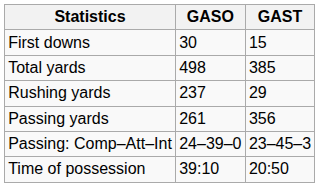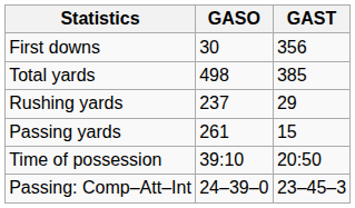 <table class="wikitable" style="float: left;">
 <tr>
 <th>Statistics</th>
 <th>GASO</th>
 <th>GAST</th>
 </tr>
 <tr>
 <td>First downs</td>
 <td>30</td>
-<td>15</td>
+<td>356</td>
 </tr>
 <tr>
 <td>Total yards</td>
 <td>498</td>
 <td>385</td>
 </tr>
 <tr>
 <td>Rushing yards</td>
 <td>237</td>
 <td>29</td>
 </tr>
 <tr>
 <td>Passing yards</td>
 <td>261</td>
-<td>356</td>
+<td>15</td>
+</tr>
+<tr>
+<td>Time of possession</td>
+<td>39:10</td>
+<td>20:50</td>
 </tr>
 <tr>
 <td>Passing: Comp–Att–Int</td>
 <td>24–39–0</td>
 <td>23–45–3</td>
 </tr>
 <tr>
-<td>Time of possession</td>
-<td>39:10</td>
-<td>20:50</td>
-</tr>
-<tr>
 </tr>
 </table>
